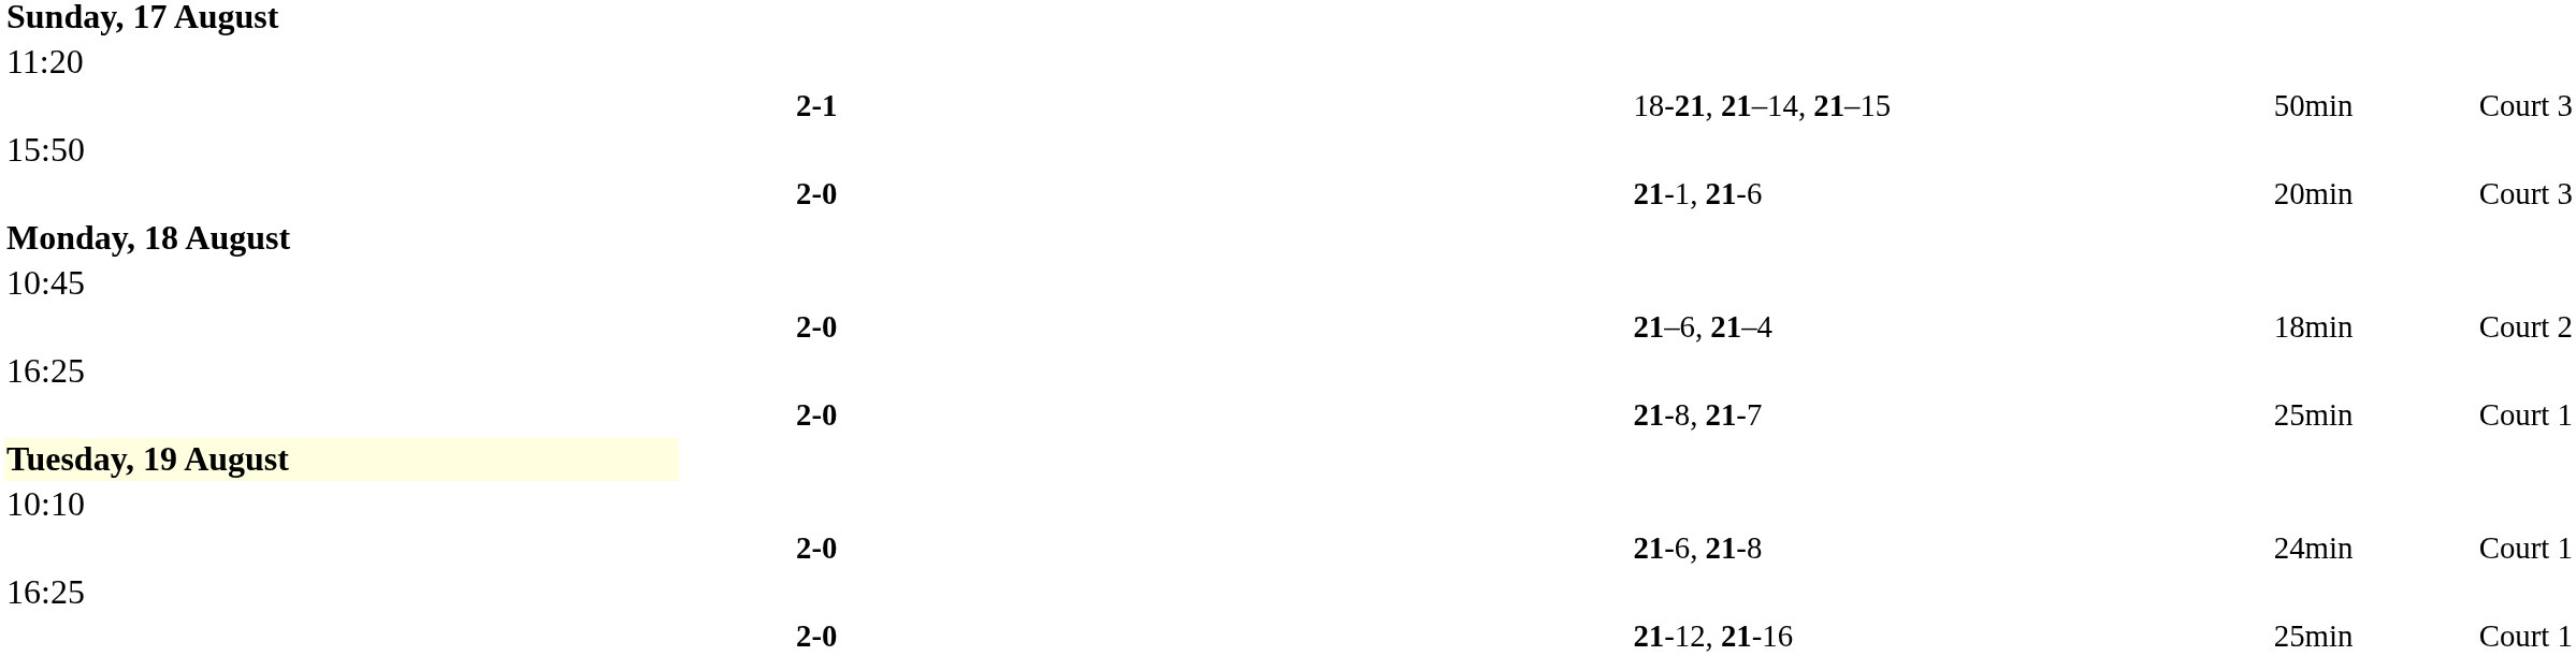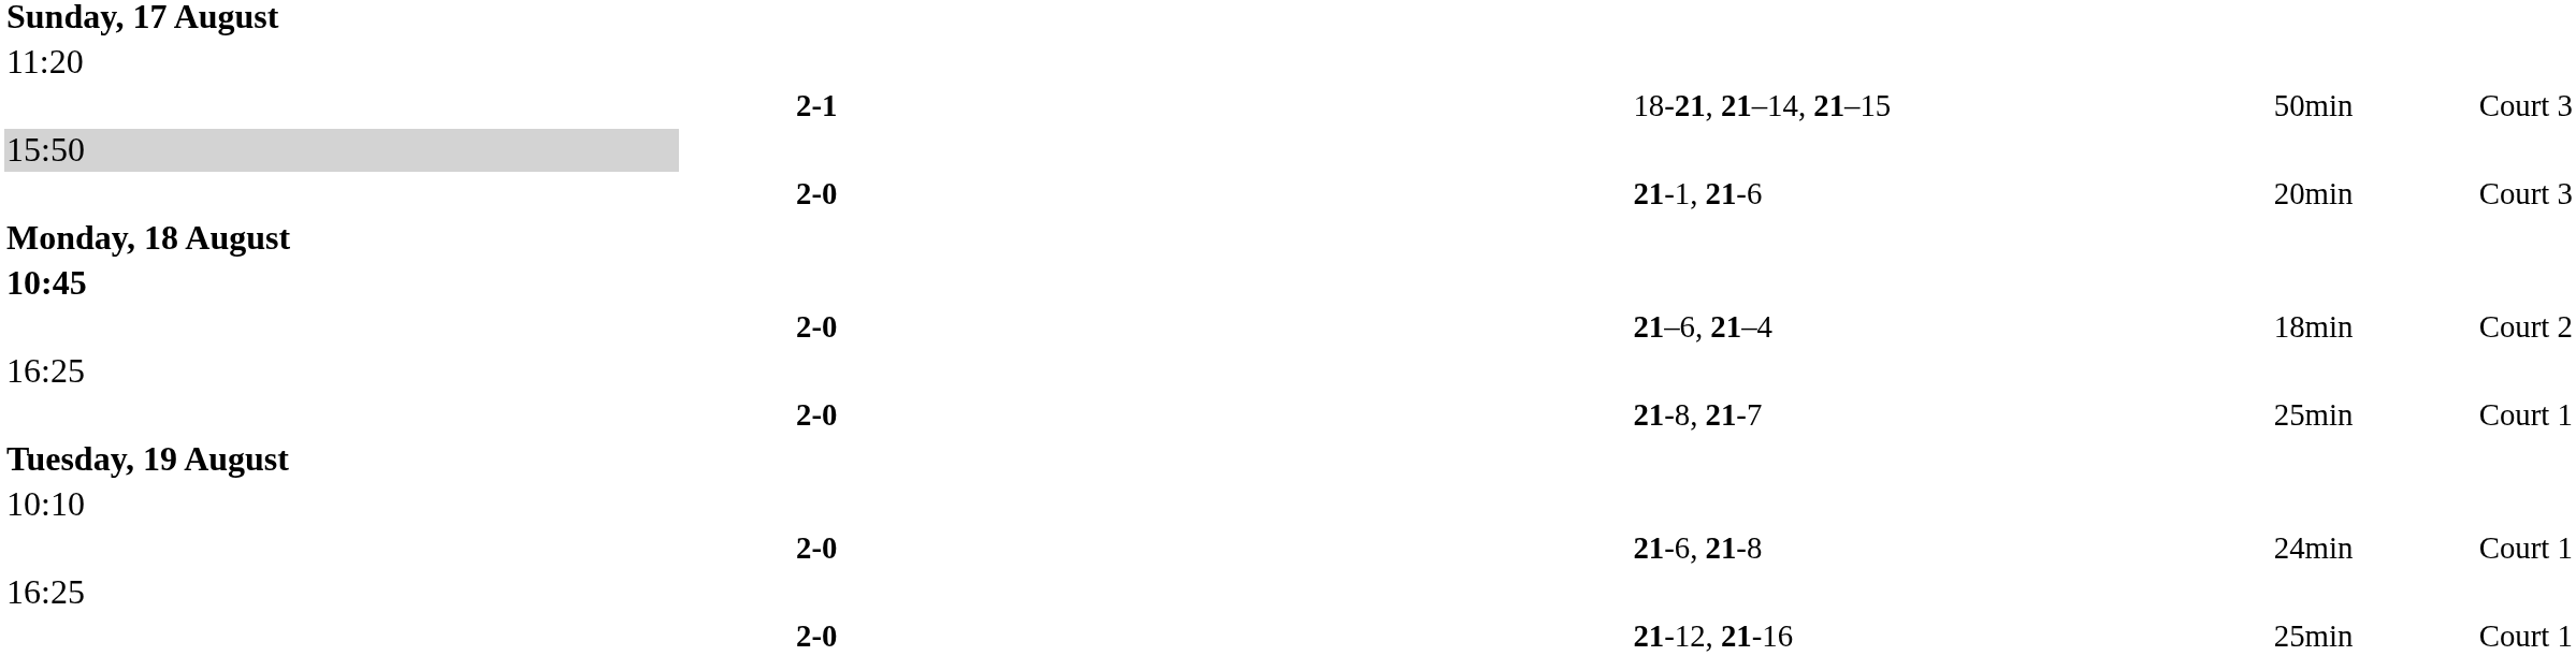 <table style="width:100%;" cellspacing="1">
 <tr>
 <th width=25%></th>
 <th width=10%></th>
 <th width=25%></th>
 </tr>
 <tr>
 <td><strong>Sunday, 17 August</strong></td>
 </tr>
 <tr>
 <td>11:20</td>
 </tr>
 <tr style=font-size:90%>
 <td align=right><strong></strong></td>
 <td align=center><strong> 2-1 </strong></td>
 <td></td>
 <td>18-<strong>21</strong>, <strong>21</strong>–14, <strong>21</strong>–15</td>
 <td>50min</td>
 <td>Court 3</td>
 </tr>
 <tr>
-<td>15:50</td>
+<td style="background: lightgrey;">15:50</td>
 </tr>
 <tr style=font-size:90%>
 <td align=right><strong></strong></td>
 <td align=center><strong> 2-0 </strong></td>
 <td></td>
 <td><strong>21</strong>-1, <strong>21</strong>-6</td>
 <td>20min</td>
 <td>Court 3</td>
 </tr>
 <tr>
 <td><strong>Monday, 18 August</strong></td>
 </tr>
 <tr>
-<td>10:45</td>
+<td><strong>10:45</strong></td>
 </tr>
 <tr style=font-size:90%>
 <td align=right><strong></strong></td>
 <td align=center><strong> 2-0 </strong></td>
 <td></td>
 <td><strong>21</strong>–6, <strong>21</strong>–4</td>
 <td>18min</td>
 <td>Court 2</td>
 </tr>
 <tr>
 <td>16:25</td>
 </tr>
 <tr style=font-size:90%>
 <td align=right><strong></strong></td>
 <td align=center><strong> 2-0 </strong></td>
 <td></td>
 <td><strong>21</strong>-8, <strong>21</strong>-7</td>
 <td>25min</td>
 <td>Court 1</td>
 </tr>
 <tr>
-<td style="background: lightyellow;"><strong>Tuesday, 19 August</strong></td>
+<td><strong>Tuesday, 19 August</strong></td>
 </tr>
 <tr>
 <td>10:10</td>
 </tr>
 <tr style=font-size:90%>
 <td align=right><strong></strong></td>
 <td align=center><strong> 2-0 </strong></td>
 <td></td>
 <td><strong>21</strong>-6, <strong>21</strong>-8</td>
 <td>24min</td>
 <td>Court 1</td>
 </tr>
 <tr>
 <td>16:25</td>
 </tr>
 <tr style=font-size:90%>
 <td align=right><strong></strong></td>
 <td align=center><strong> 2-0 </strong></td>
 <td></td>
 <td><strong>21</strong>-12, <strong>21</strong>-16</td>
 <td>25min</td>
 <td>Court 1</td>
 </tr>
 </table>
